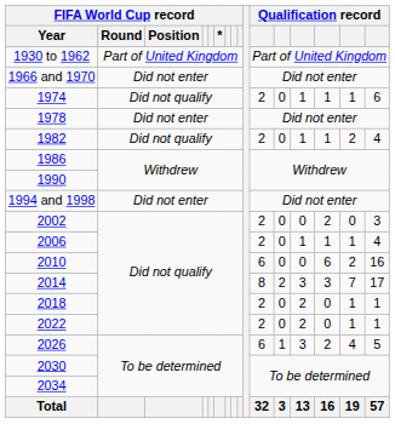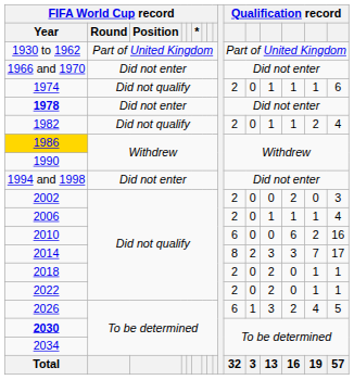 <table class="wikitable" style="text-align: center;">
 <tr>
 <th colspan=9><a href='#'>FIFA World Cup</a> record</th>
 <th rowspan="30"></th>
 <th colspan=6><a href='#'>Qualification</a> record</th>
 </tr>
 <tr>
 <th>Year</th>
 <th>Round</th>
 <th>Position</th>
 <th></th>
 <th></th>
 <th>*</th>
 <th></th>
 <th></th>
 <th></th>
 <th></th>
 <th></th>
 <th></th>
 <th></th>
 <th></th>
 <th></th>
 </tr>
 <tr>
 <td><a href='#'>1930</a> to <a href='#'>1962</a></td>
 <td colspan=8><em>Part of  <a href='#'>United Kingdom</a></em></td>
 <td colspan=6><em>Part of  <a href='#'>United Kingdom</a></em></td>
 </tr>
 <tr>
 <td><a href='#'>1966</a> and <a href='#'>1970</a></td>
 <td colspan=8><em>Did not enter</em></td>
 <td colspan=6><em>Did not enter</em></td>
 </tr>
 <tr>
 <td> <a href='#'>1974</a></td>
 <td colspan=8><em>Did not qualify</em></td>
 <td>2</td>
 <td>0</td>
 <td>1</td>
 <td>1</td>
 <td>1</td>
 <td>6</td>
 </tr>
 <tr>
-<td> <a href='#'>1978</a></td>
+<td><strong> <a href='#'>1978</a></strong></td>
 <td colspan=8><em>Did not enter</em></td>
 <td colspan=6><em>Did not enter</em></td>
 </tr>
 <tr>
 <td> <a href='#'>1982</a></td>
 <td colspan=8><em>Did not qualify</em></td>
 <td>2</td>
 <td>0</td>
 <td>1</td>
 <td>1</td>
 <td>2</td>
 <td>4</td>
 </tr>
 <tr>
-<td> <a href='#'>1986</a></td>
+<td style="background: gold;"> <a href='#'>1986</a></td>
 <td colspan=8 rowspan=2><em>Withdrew</em></td>
 <td colspan=6 rowspan=2><em>Withdrew</em></td>
 </tr>
 <tr>
 <td> <a href='#'>1990</a></td>
 </tr>
 <tr>
 <td><a href='#'>1994</a> and <a href='#'>1998</a></td>
 <td colspan=8><em>Did not enter</em></td>
 <td colspan=6><em>Did not enter</em></td>
 </tr>
 <tr>
 <td>  <a href='#'>2002</a></td>
 <td colspan=8 rowspan=6><em>Did not qualify</em></td>
 <td>2</td>
 <td>0</td>
 <td>0</td>
 <td>2</td>
 <td>0</td>
 <td>3</td>
 </tr>
 <tr>
 <td> <a href='#'>2006</a></td>
 <td>2</td>
 <td>0</td>
 <td>1</td>
 <td>1</td>
 <td>1</td>
 <td>4</td>
 </tr>
 <tr>
 <td> <a href='#'>2010</a></td>
 <td>6</td>
 <td>0</td>
 <td>0</td>
 <td>6</td>
 <td>2</td>
 <td>16</td>
 </tr>
 <tr>
 <td> <a href='#'>2014</a></td>
 <td>8</td>
 <td>2</td>
 <td>3</td>
 <td>3</td>
 <td>7</td>
 <td>17</td>
 </tr>
 <tr>
 <td> <a href='#'>2018</a></td>
 <td>2</td>
 <td>0</td>
 <td>2</td>
 <td>0</td>
 <td>1</td>
 <td>1</td>
 </tr>
 <tr>
 <td> <a href='#'>2022</a></td>
 <td>2</td>
 <td>0</td>
 <td>2</td>
 <td>0</td>
 <td>1</td>
 <td>1</td>
 </tr>
 <tr>
 <td>   <a href='#'>2026</a></td>
 <td colspan=8 rowspan=3><em>To be determined</em></td>
 <td>6</td>
 <td>1</td>
 <td>3</td>
 <td>2</td>
 <td>4</td>
 <td>5</td>
 </tr>
 <tr>
-<td>   <a href='#'>2030</a></td>
+<td><strong>   <a href='#'>2030</a></strong></td>
 <td colspan=6 rowspan=2><em>To be determined</em></td>
 </tr>
 <tr>
 <td> <a href='#'>2034</a></td>
 </tr>
 <tr>
 <th>Total</th>
 <th></th>
 <th></th>
 <th></th>
 <th></th>
 <th></th>
 <th></th>
 <th></th>
 <th></th>
 <th>32</th>
 <th>3</th>
 <th>13</th>
 <th>16</th>
 <th>19</th>
 <th>57</th>
 </tr>
 </table>
